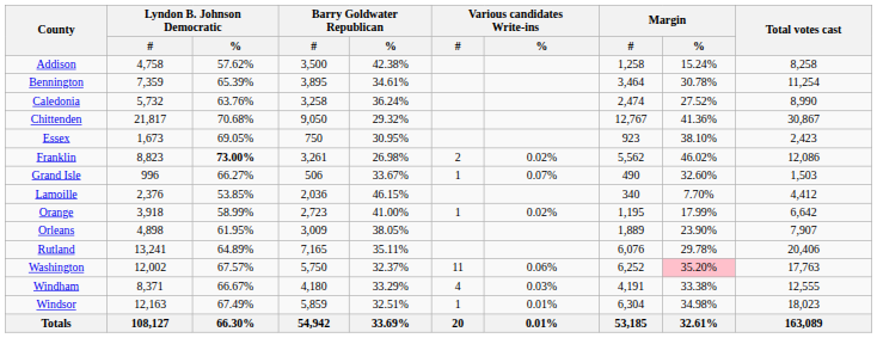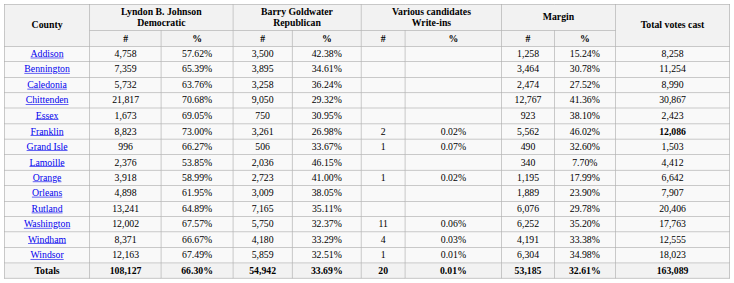 <table width="60%" class="wikitable sortable">
 <tr>
 <th rowspan="2">County</th>
 <th colspan="2">Lyndon B. Johnson<br>Democratic</th>
 <th colspan="2">Barry Goldwater<br>Republican</th>
 <th colspan="2">Various candidates<br>Write-ins</th>
 <th colspan="2">Margin</th>
 <th rowspan="2">Total votes cast</th>
 </tr>
 <tr>
 <th style="text-align:center;" data-sort-type="number">#</th>
 <th style="text-align:center;" data-sort-type="number">%</th>
 <th style="text-align:center;" data-sort-type="number">#</th>
 <th style="text-align:center;" data-sort-type="number">%</th>
 <th style="text-align:center;" data-sort-type="number">#</th>
 <th style="text-align:center;" data-sort-type="number">%</th>
 <th style="text-align:center;" data-sort-type="number">#</th>
 <th style="text-align:center;" data-sort-type="number">%</th>
 </tr>
 <tr style="text-align:center;">
 <td><a href='#'>Addison</a></td>
 <td>4,758</td>
 <td>57.62%</td>
 <td>3,500</td>
 <td>42.38%</td>
 <td></td>
 <td></td>
 <td>1,258</td>
 <td>15.24%</td>
 <td>8,258</td>
 </tr>
 <tr style="text-align:center;">
 <td><a href='#'>Bennington</a></td>
 <td>7,359</td>
 <td>65.39%</td>
 <td>3,895</td>
 <td>34.61%</td>
 <td></td>
 <td></td>
 <td>3,464</td>
 <td>30.78%</td>
 <td>11,254</td>
 </tr>
 <tr style="text-align:center;">
 <td><a href='#'>Caledonia</a></td>
 <td>5,732</td>
 <td>63.76%</td>
 <td>3,258</td>
 <td>36.24%</td>
 <td></td>
 <td></td>
 <td>2,474</td>
 <td>27.52%</td>
 <td>8,990</td>
 </tr>
 <tr style="text-align:center;">
 <td><a href='#'>Chittenden</a></td>
 <td>21,817</td>
 <td>70.68%</td>
 <td>9,050</td>
 <td>29.32%</td>
 <td></td>
 <td></td>
 <td>12,767</td>
 <td>41.36%</td>
 <td>30,867</td>
 </tr>
 <tr style="text-align:center;">
 <td><a href='#'>Essex</a></td>
 <td>1,673</td>
 <td>69.05%</td>
 <td>750</td>
 <td>30.95%</td>
 <td></td>
 <td></td>
 <td>923</td>
 <td>38.10%</td>
 <td>2,423</td>
 </tr>
 <tr style="text-align:center;">
 <td><a href='#'>Franklin</a></td>
 <td>8,823</td>
-<td><strong>73.00%</strong></td>
+<td>73.00%</td>
 <td>3,261</td>
 <td>26.98%</td>
 <td>2</td>
 <td>0.02%</td>
 <td>5,562</td>
 <td>46.02%</td>
-<td>12,086</td>
+<td><strong>12,086</strong></td>
 </tr>
 <tr style="text-align:center;">
 <td><a href='#'>Grand Isle</a></td>
 <td>996</td>
 <td>66.27%</td>
 <td>506</td>
 <td>33.67%</td>
 <td>1</td>
 <td>0.07%</td>
 <td>490</td>
 <td>32.60%</td>
 <td>1,503</td>
 </tr>
 <tr style="text-align:center;">
 <td><a href='#'>Lamoille</a></td>
 <td>2,376</td>
 <td>53.85%</td>
 <td>2,036</td>
 <td>46.15%</td>
 <td></td>
 <td></td>
 <td>340</td>
 <td>7.70%</td>
 <td>4,412</td>
 </tr>
 <tr style="text-align:center;">
 <td><a href='#'>Orange</a></td>
 <td>3,918</td>
 <td>58.99%</td>
 <td>2,723</td>
 <td>41.00%</td>
 <td>1</td>
 <td>0.02%</td>
 <td>1,195</td>
 <td>17.99%</td>
 <td>6,642</td>
 </tr>
 <tr style="text-align:center;">
 <td><a href='#'>Orleans</a></td>
 <td>4,898</td>
 <td>61.95%</td>
 <td>3,009</td>
 <td>38.05%</td>
 <td></td>
 <td></td>
 <td>1,889</td>
 <td>23.90%</td>
 <td>7,907</td>
 </tr>
 <tr style="text-align:center;">
 <td><a href='#'>Rutland</a></td>
 <td>13,241</td>
 <td>64.89%</td>
 <td>7,165</td>
 <td>35.11%</td>
 <td></td>
 <td></td>
 <td>6,076</td>
 <td>29.78%</td>
 <td>20,406</td>
 </tr>
 <tr style="text-align:center;">
 <td><a href='#'>Washington</a></td>
 <td>12,002</td>
 <td>67.57%</td>
 <td>5,750</td>
 <td>32.37%</td>
 <td>11</td>
 <td>0.06%</td>
 <td>6,252</td>
-<td style="background: pink;">35.20%</td>
+<td>35.20%</td>
 <td>17,763</td>
 </tr>
 <tr style="text-align:center;">
 <td><a href='#'>Windham</a></td>
 <td>8,371</td>
 <td>66.67%</td>
 <td>4,180</td>
 <td>33.29%</td>
 <td>4</td>
 <td>0.03%</td>
 <td>4,191</td>
 <td>33.38%</td>
 <td>12,555</td>
 </tr>
 <tr style="text-align:center;">
 <td><a href='#'>Windsor</a></td>
 <td>12,163</td>
 <td>67.49%</td>
 <td>5,859</td>
 <td>32.51%</td>
 <td>1</td>
 <td>0.01%</td>
 <td>6,304</td>
 <td>34.98%</td>
 <td>18,023</td>
 </tr>
 <tr>
 <th>Totals</th>
 <th>108,127</th>
 <th>66.30%</th>
 <th>54,942</th>
 <th>33.69%</th>
 <th>20</th>
 <th>0.01%</th>
 <th>53,185</th>
 <th>32.61%</th>
 <th>163,089</th>
 </tr>
 </table>
